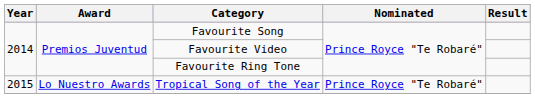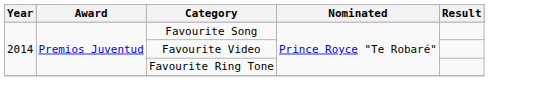 <table class="wikitable plainrowheaders" style="text-align:center;">
 <tr style="background:#96c;">
 <th scope="col">Year</th>
 <th scope="col">Award</th>
 <th scope="col">Category</th>
 <th scope="col">Nominated</th>
 <th scope="col">Result</th>
 </tr>
 <tr>
 <td rowspan="3">2014</td>
 <td rowspan="3"><a href='#'>Premios Juventud</a></td>
 <td>Favourite Song</td>
 <td rowspan="3"><a href='#'>Prince Royce</a> "Te Robaré"</td>
 <td></td>
 </tr>
 <tr>
 <td>Favourite Video</td>
 <td></td>
 </tr>
 <tr>
 <td>Favourite Ring Tone</td>
 <td></td>
 </tr>
 <tr>
-<td>2015</td>
-<td><a href='#'>Lo Nuestro Awards</a></td>
-<td><a href='#'>Tropical Song of the Year</a></td>
-<td><a href='#'>Prince Royce</a> "Te Robaré"</td>
-<td></td>
-</tr>
-<tr>
 </tr>
 </table>
